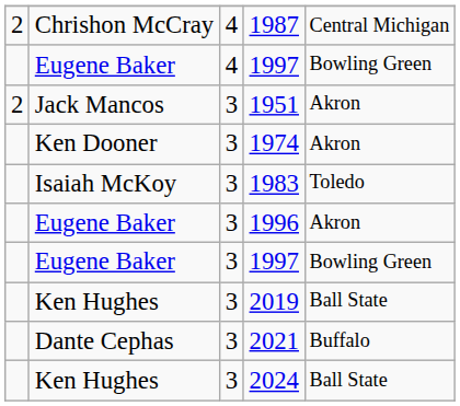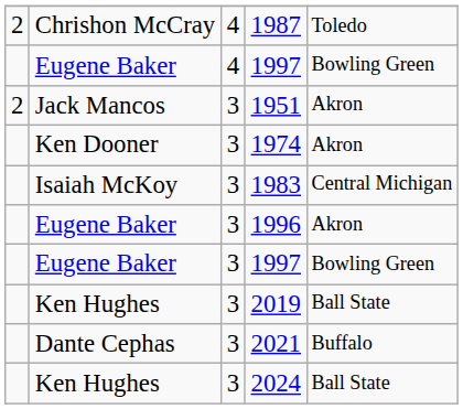 <table class="wikitable" style="display:inline-table;">
 <tr>
 </tr>
 <tr>
 <td>2</td>
 <td>Chrishon McCray</td>
 <td>4</td>
 <td><a href='#'>1987</a></td>
-<td style="font-size:80%;">Central Michigan</td>
+<td style="font-size:80%;">Toledo</td>
 </tr>
 <tr>
 <td></td>
 <td><a href='#'>Eugene Baker</a></td>
 <td>4</td>
 <td><a href='#'>1997</a></td>
 <td style="font-size:80%;">Bowling Green</td>
 </tr>
 <tr>
 <td>2</td>
 <td>Jack Mancos</td>
 <td>3</td>
 <td><a href='#'>1951</a></td>
 <td style="font-size:80%;">Akron</td>
 </tr>
 <tr>
 <td></td>
 <td>Ken Dooner</td>
 <td>3</td>
 <td><a href='#'>1974</a></td>
 <td style="font-size:80%;">Akron</td>
 </tr>
 <tr>
 <td></td>
 <td>Isaiah McKoy</td>
 <td>3</td>
 <td><a href='#'>1983</a></td>
-<td style="font-size:80%;">Toledo</td>
+<td style="font-size:80%;">Central Michigan</td>
 </tr>
 <tr>
 <td></td>
 <td><a href='#'>Eugene Baker</a></td>
 <td>3</td>
 <td><a href='#'>1996</a></td>
 <td style="font-size:80%;">Akron</td>
 </tr>
 <tr>
 <td></td>
 <td><a href='#'>Eugene Baker</a></td>
 <td>3</td>
 <td><a href='#'>1997</a></td>
 <td style="font-size:80%;">Bowling Green</td>
 </tr>
 <tr>
 <td></td>
 <td>Ken Hughes</td>
 <td>3</td>
 <td><a href='#'>2019</a></td>
 <td style="font-size:80%;">Ball State</td>
 </tr>
 <tr>
 <td></td>
 <td>Dante Cephas</td>
 <td>3</td>
 <td><a href='#'>2021</a></td>
 <td style="font-size:80%;">Buffalo</td>
 </tr>
 <tr>
 <td></td>
 <td>Ken Hughes</td>
 <td>3</td>
 <td><a href='#'>2024</a></td>
 <td style="font-size:80%;">Ball State</td>
 </tr>
 </table>
